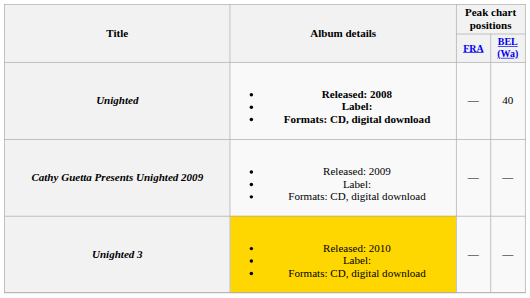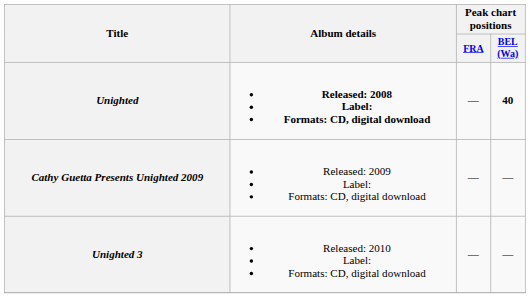 <table class="wikitable plainrowheaders" style="text-align:center;">
 <tr>
 <th scope="col" rowspan="2" style="width:20em;">Title</th>
 <th scope="col" rowspan="2" style="width:20em;">Album details</th>
 <th scope="col" colspan="6">Peak chart positions</th>
 </tr>
 <tr>
 <th scope="col" style="width:3em;font-size:90%;"><a href='#'>FRA</a><br></th>
 <th scope="col" style="width:3em;font-size:90%;"><a href='#'>BEL<br>(Wa)</a><br></th>
 </tr>
 <tr>
 <th scope="row"><em>Unighted</em></th>
 <td><strong><br><ul><li>Released: 2008</li><li>Label:</li><li>Formats: CD, digital download</li></ul></strong></td>
 <td>—</td>
-<td>40</td>
+<td><strong>40</strong></td>
 </tr>
 <tr>
 <th scope="row"><em>Cathy Guetta Presents Unighted 2009</em></th>
 <td><br><ul><li>Released: 2009</li><li>Label:</li><li>Formats: CD, digital download</li></ul></td>
 <td>—</td>
 <td>—</td>
 </tr>
 <tr>
 <th scope="row"><em>Unighted 3</em></th>
-<td style="background: gold;"><br><ul><li>Released: 2010</li><li>Label:</li><li>Formats: CD, digital download</li></ul></td>
+<td><br><ul><li>Released: 2010</li><li>Label:</li><li>Formats: CD, digital download</li></ul></td>
 <td>—</td>
 <td>—</td>
 </tr>
 <tr>
 </tr>
 </table>
